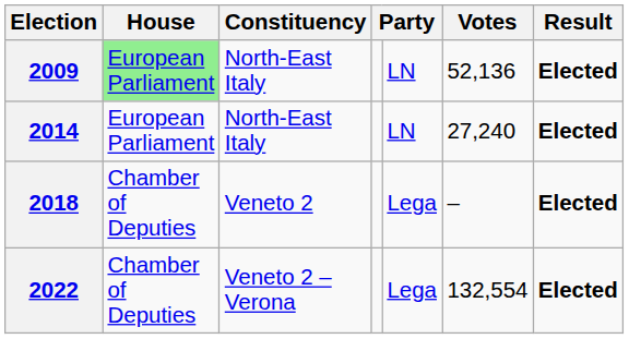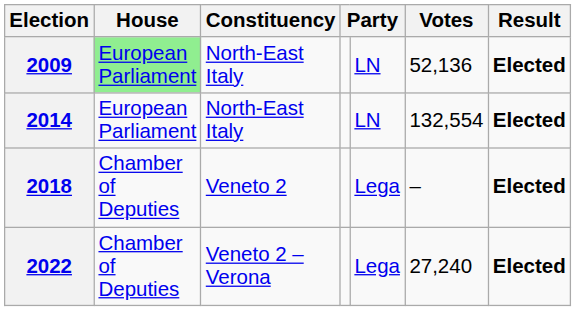 <table class=wikitable style="width:55%; border:1px #AAAAFF solid">
 <tr>
 <th width=12%>Election</th>
 <th width=25%>House</th>
 <th width=25%>Constituency</th>
 <th width=5% colspan="2">Party</th>
 <th width=12%>Votes</th>
 <th width=12%>Result</th>
 </tr>
 <tr>
 <th><a href='#'>2009</a></th>
 <td style="background: lightgreen;"><a href='#'>European Parliament</a></td>
 <td><a href='#'>North-East Italy</a></td>
 <td></td>
 <td><a href='#'>LN</a></td>
 <td>52,136</td>
 <td> <strong>Elected</strong></td>
 </tr>
 <tr>
 <th><a href='#'>2014</a></th>
 <td><a href='#'>European Parliament</a></td>
 <td><a href='#'>North-East Italy</a></td>
 <td></td>
 <td><a href='#'>LN</a></td>
-<td>27,240</td>
+<td>132,554</td>
 <td> <strong>Elected</strong></td>
 </tr>
 <tr>
 <th><a href='#'>2018</a></th>
 <td><a href='#'>Chamber of Deputies</a></td>
 <td><a href='#'>Veneto 2</a></td>
 <td></td>
 <td><a href='#'>Lega</a></td>
 <td>–</td>
 <td> <strong>Elected</strong></td>
 </tr>
 <tr>
 <th><a href='#'>2022</a></th>
 <td><a href='#'>Chamber of Deputies</a></td>
 <td><a href='#'>Veneto 2 –</a> <a href='#'>Verona</a></td>
 <td></td>
 <td><a href='#'>Lega</a></td>
-<td>132,554</td>
+<td>27,240</td>
 <td> <strong>Elected</strong></td>
 </tr>
 </table>
